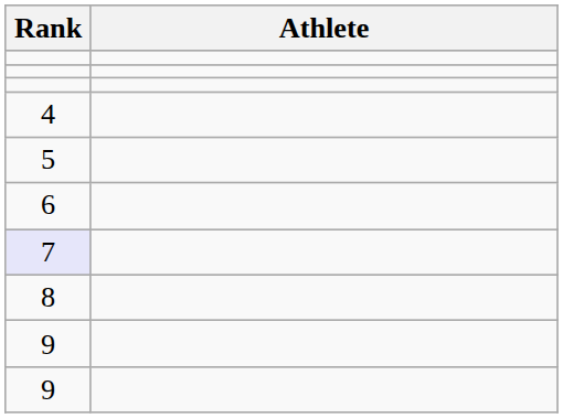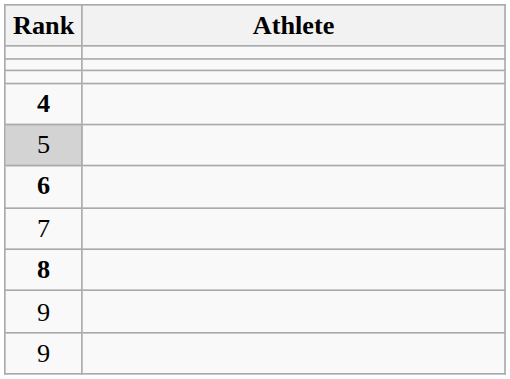 <table class="wikitable" style="text-align: center;">
 <tr>
 <th width=40>Rank</th>
 <th width=250>Athlete</th>
 </tr>
 <tr>
 <td></td>
 <td align="left"></td>
 </tr>
 <tr>
 <td></td>
 <td align="left"></td>
 </tr>
 <tr>
 <td></td>
 <td align="left"></td>
 </tr>
 <tr>
-<td>4</td>
+<td><strong>4</strong></td>
 <td align="left"></td>
 </tr>
 <tr>
-<td>5</td>
+<td style="background: lightgrey;">5</td>
 <td align="left"></td>
 </tr>
 <tr>
-<td>6</td>
+<td><strong>6</strong></td>
 <td align="left"></td>
 </tr>
 <tr>
-<td style="background: lavender;">7</td>
+<td>7</td>
 <td align="left"></td>
 </tr>
 <tr>
-<td>8</td>
+<td><strong>8</strong></td>
 <td align="left"></td>
 </tr>
 <tr>
 <td>9</td>
 <td align="left"></td>
 </tr>
 <tr>
 <td>9</td>
 <td align="left"></td>
 </tr>
 </table>
